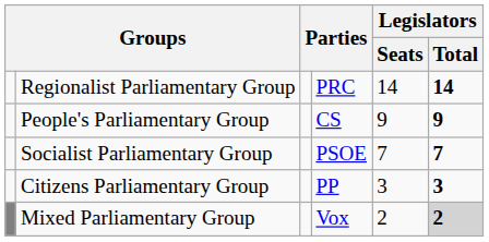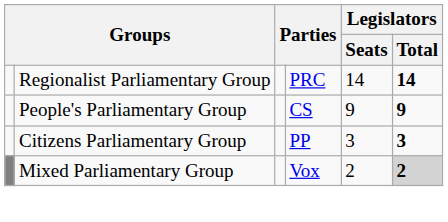 <table class="wikitable" style="text-align:left;">
 <tr>
 <th rowspan="2" colspan="2" width="100">Groups</th>
 <th rowspan="2" colspan="2">Parties</th>
 <th colspan="2">Legislators</th>
 </tr>
 <tr>
 <th>Seats</th>
 <th>Total</th>
 </tr>
 <tr>
 <td width="1" style="color:inherit;background:"></td>
 <td>Regionalist Parliamentary Group</td>
 <td width="1" style="color:inherit;background:"></td>
 <td align="left"><a href='#'>PRC</a></td>
 <td>14</td>
 <td><strong>14</strong></td>
 </tr>
 <tr>
 <td style="color:inherit;background:"></td>
 <td>People's Parliamentary Group</td>
 <td style="color:inherit;background:"></td>
 <td align="left"><a href='#'>CS</a></td>
 <td>9</td>
 <td><strong>9</strong></td>
 </tr>
 <tr>
 <td style="color:inherit;background:"></td>
-<td>Socialist Parliamentary Group</td>
-<td style="color:inherit;background:"></td>
-<td align="left"><a href='#'>PSOE</a></td>
-<td>7</td>
-<td><strong>7</strong></td>
-</tr>
-<tr>
-<td style="color:inherit;background:"></td>
 <td>Citizens Parliamentary Group</td>
 <td style="color:inherit;background:"></td>
 <td align="left"><a href='#'>PP</a></td>
 <td>3</td>
 <td><strong>3</strong></td>
 </tr>
 <tr>
 <td bgcolor="gray"></td>
 <td>Mixed Parliamentary Group</td>
 <td style="color:inherit;background:"></td>
 <td align="left"><a href='#'>Vox</a></td>
 <td>2</td>
 <td style="background: lightgrey;"><strong>2</strong></td>
 </tr>
 </table>
